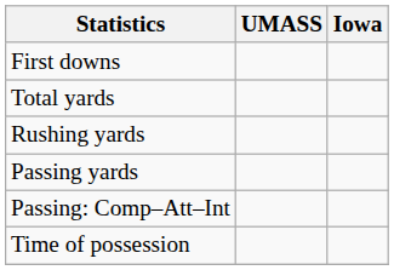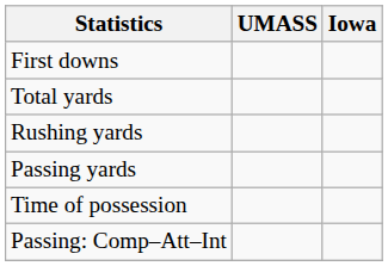 <table class="wikitable" style="float: left;">
 <tr>
 <th>Statistics</th>
 <th>UMASS</th>
 <th>Iowa</th>
 </tr>
 <tr>
 <td>First downs</td>
 <td></td>
 <td></td>
 </tr>
 <tr>
 <td>Total yards</td>
 <td></td>
 <td></td>
 </tr>
 <tr>
 <td>Rushing yards</td>
 <td></td>
 <td></td>
 </tr>
 <tr>
 <td>Passing yards</td>
 <td></td>
 <td></td>
 </tr>
 <tr>
-<td>Passing: Comp–Att–Int</td>
+<td>Time of possession</td>
 <td></td>
 <td></td>
 </tr>
 <tr>
-<td>Time of possession</td>
+<td>Passing: Comp–Att–Int</td>
 <td></td>
 <td></td>
 </tr>
 <tr>
 </tr>
 </table>
